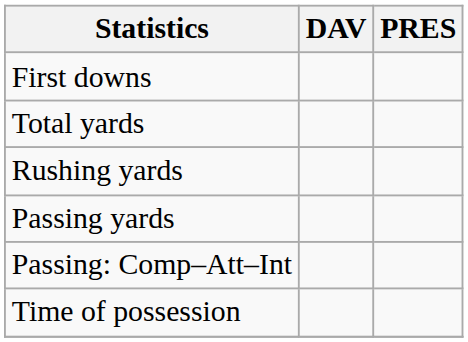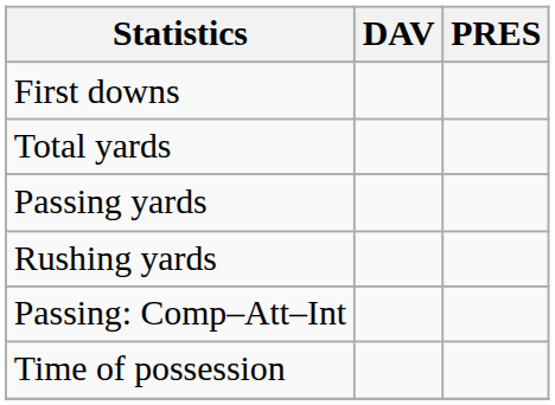 <table class="wikitable" style="float: left;">
 <tr>
 <th>Statistics</th>
 <th>DAV</th>
 <th>PRES</th>
 </tr>
 <tr>
 <td>First downs</td>
 <td></td>
 <td></td>
 </tr>
 <tr>
 <td>Total yards</td>
 <td></td>
 <td></td>
 </tr>
 <tr>
-<td>Rushing yards</td>
+<td>Passing yards</td>
 <td></td>
 <td></td>
 </tr>
 <tr>
-<td>Passing yards</td>
+<td>Rushing yards</td>
 <td></td>
 <td></td>
 </tr>
 <tr>
 <td>Passing: Comp–Att–Int</td>
 <td></td>
 <td></td>
 </tr>
 <tr>
 <td>Time of possession</td>
 <td></td>
 <td></td>
 </tr>
 <tr>
 </tr>
 </table>
